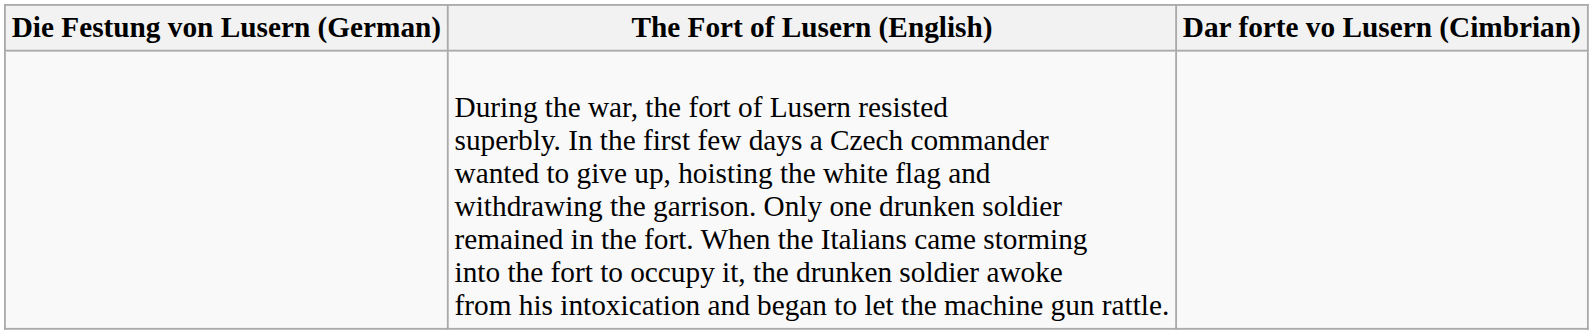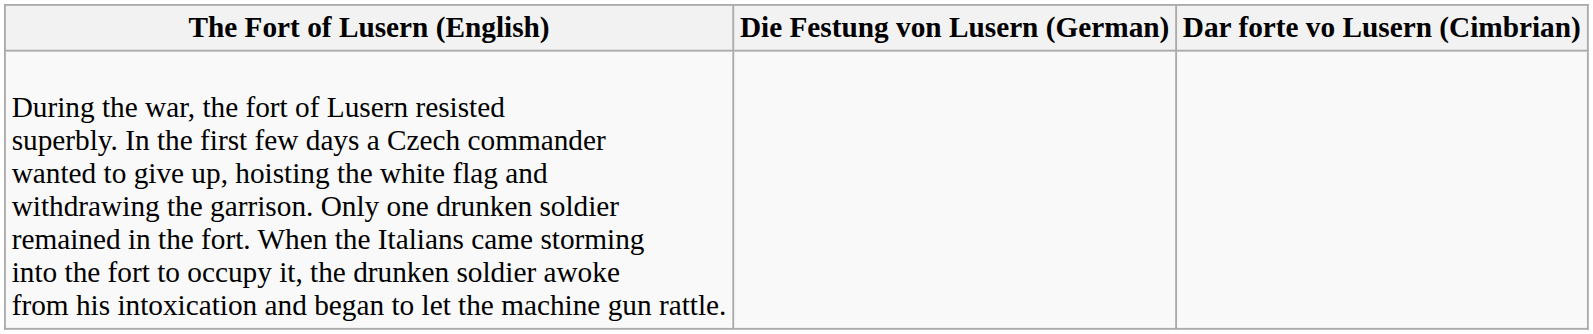 <table class="wikitable">
 <tr>
+<th>The Fort of Lusern (English)</th>
 <th>Die Festung von Lusern (German)</th>
-<th>The Fort of Lusern (English)</th>
 <th>Dar forte vo Lusern (Cimbrian)</th>
 </tr>
 <tr>
+<td><br>During the war, the fort of Lusern resisted<br> superbly. In the first few days a Czech commander<br> wanted to give up, hoisting the white flag and<br> withdrawing the garrison. Only one drunken soldier<br>  remained in the fort. When the Italians came storming <br> into the fort to occupy it, the drunken soldier awoke <br> from his intoxication and began to let the machine gun rattle.<br></td>
 <td><br><br> <br> <br> <br>   <br> </td>
-<td><br>During the war, the fort of Lusern resisted<br> superbly. In the first few days a Czech commander<br> wanted to give up, hoisting the white flag and<br> withdrawing the garrison. Only one drunken soldier<br>  remained in the fort. When the Italians came storming <br> into the fort to occupy it, the drunken soldier awoke <br> from his intoxication and began to let the machine gun rattle.<br></td>
 <td><br><br> <br> <br> <br> <br> </td>
 </tr>
 </table>
